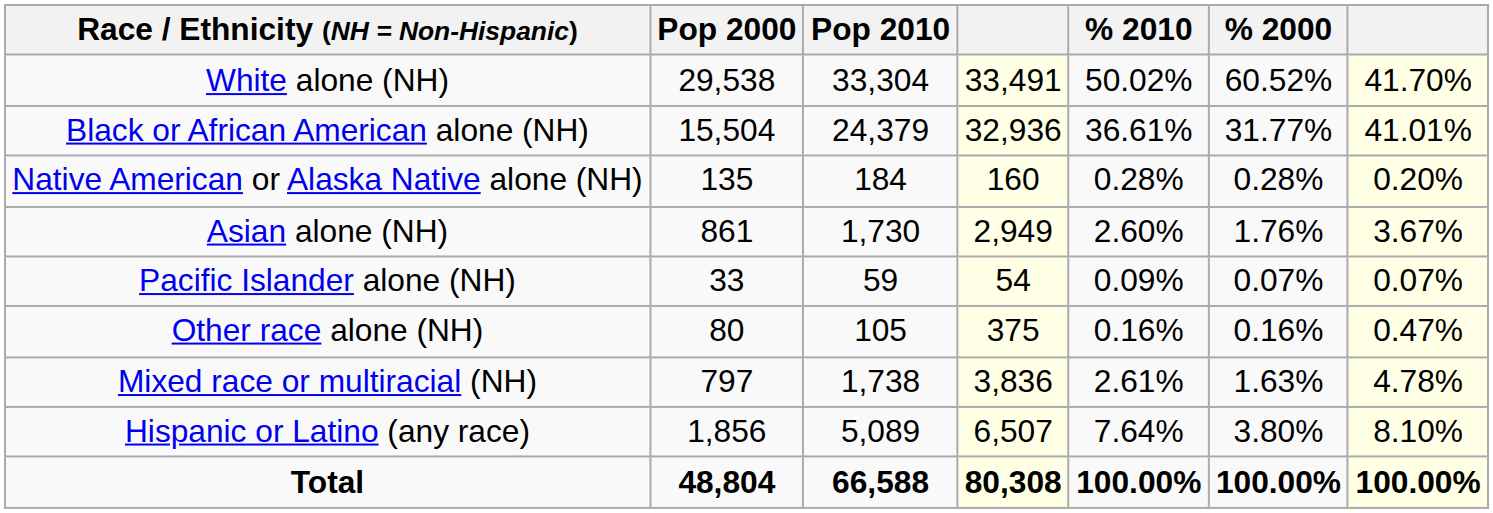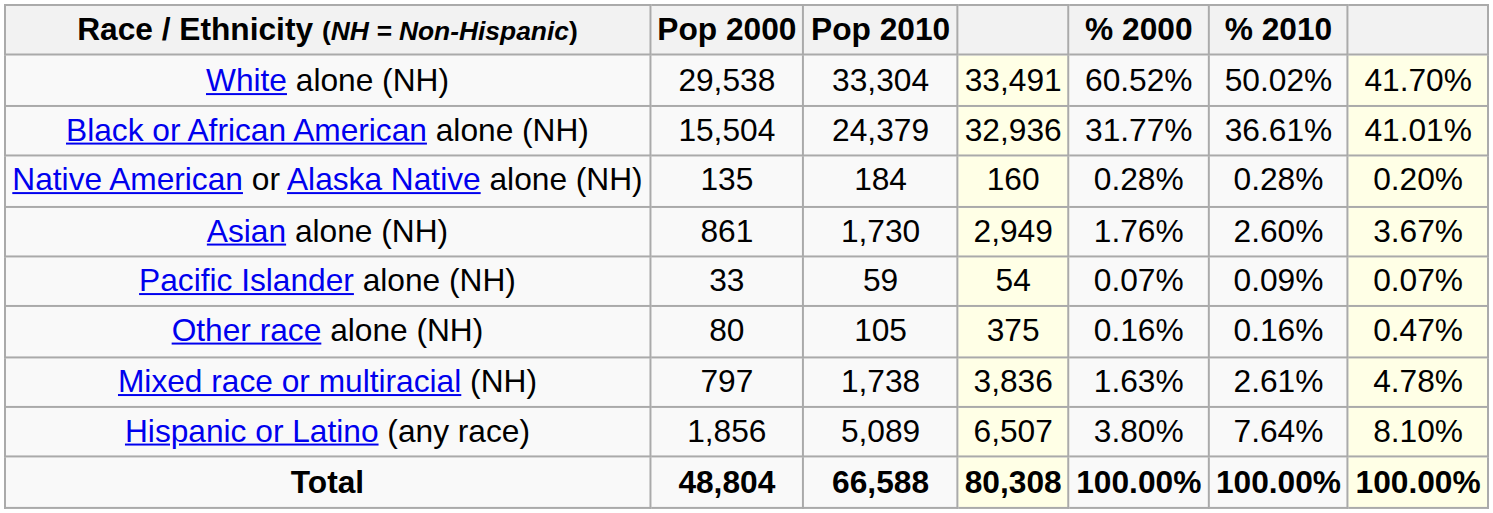 <table class="wikitable" style="text-align:center;">
 <tr>
 <th>Race / Ethnicity <small>(<em>NH = Non-Hispanic</em>)</small></th>
 <th>Pop 2000</th>
 <th>Pop 2010</th>
 <th></th>
+<th>% 2000</th>
 <th>% 2010</th>
-<th>% 2000</th>
 <th></th>
 </tr>
 <tr>
 <td><a href='#'>White</a> alone (NH)</td>
 <td>29,538</td>
 <td>33,304</td>
 <td style='background: #ffffe6;'>33,491</td>
+<td>60.52%</td>
 <td>50.02%</td>
-<td>60.52%</td>
 <td style='background: #ffffe6;'>41.70%</td>
 </tr>
 <tr>
 <td><a href='#'>Black or African American</a> alone (NH)</td>
 <td>15,504</td>
 <td>24,379</td>
 <td style='background: #ffffe6;'>32,936</td>
+<td>31.77%</td>
 <td>36.61%</td>
-<td>31.77%</td>
 <td style='background: #ffffe6;'>41.01%</td>
 </tr>
 <tr>
 <td><a href='#'>Native American</a> or <a href='#'>Alaska Native</a> alone (NH)</td>
 <td>135</td>
 <td>184</td>
 <td style='background: #ffffe6;'>160</td>
 <td>0.28%</td>
 <td>0.28%</td>
 <td style='background: #ffffe6;'>0.20%</td>
 </tr>
 <tr>
 <td><a href='#'>Asian</a> alone (NH)</td>
 <td>861</td>
 <td>1,730</td>
 <td style='background: #ffffe6;'>2,949</td>
+<td>1.76%</td>
 <td>2.60%</td>
-<td>1.76%</td>
 <td style='background: #ffffe6;'>3.67%</td>
 </tr>
 <tr>
 <td><a href='#'>Pacific Islander</a> alone (NH)</td>
 <td>33</td>
 <td>59</td>
 <td style='background: #ffffe6;'>54</td>
+<td>0.07%</td>
 <td>0.09%</td>
-<td>0.07%</td>
 <td style='background: #ffffe6;'>0.07%</td>
 </tr>
 <tr>
 <td><a href='#'>Other race</a> alone (NH)</td>
 <td>80</td>
 <td>105</td>
 <td style='background: #ffffe6;'>375</td>
 <td>0.16%</td>
 <td>0.16%</td>
 <td style='background: #ffffe6;'>0.47%</td>
 </tr>
 <tr>
 <td><a href='#'>Mixed race or multiracial</a> (NH)</td>
 <td>797</td>
 <td>1,738</td>
 <td style='background: #ffffe6;'>3,836</td>
+<td>1.63%</td>
 <td>2.61%</td>
-<td>1.63%</td>
 <td style='background: #ffffe6;'>4.78%</td>
 </tr>
 <tr>
 <td><a href='#'>Hispanic or Latino</a> (any race)</td>
 <td>1,856</td>
 <td>5,089</td>
 <td style='background: #ffffe6;'>6,507</td>
+<td>3.80%</td>
 <td>7.64%</td>
-<td>3.80%</td>
 <td style='background: #ffffe6;'>8.10%</td>
 </tr>
 <tr>
 <td><strong>Total</strong></td>
 <td><strong>48,804</strong></td>
 <td><strong>66,588</strong></td>
 <td style='background: #ffffe6;'><strong>80,308</strong></td>
 <td><strong>100.00%</strong></td>
 <td><strong>100.00%</strong></td>
 <td style='background: #ffffe6;'><strong>100.00%</strong></td>
 </tr>
 </table>
